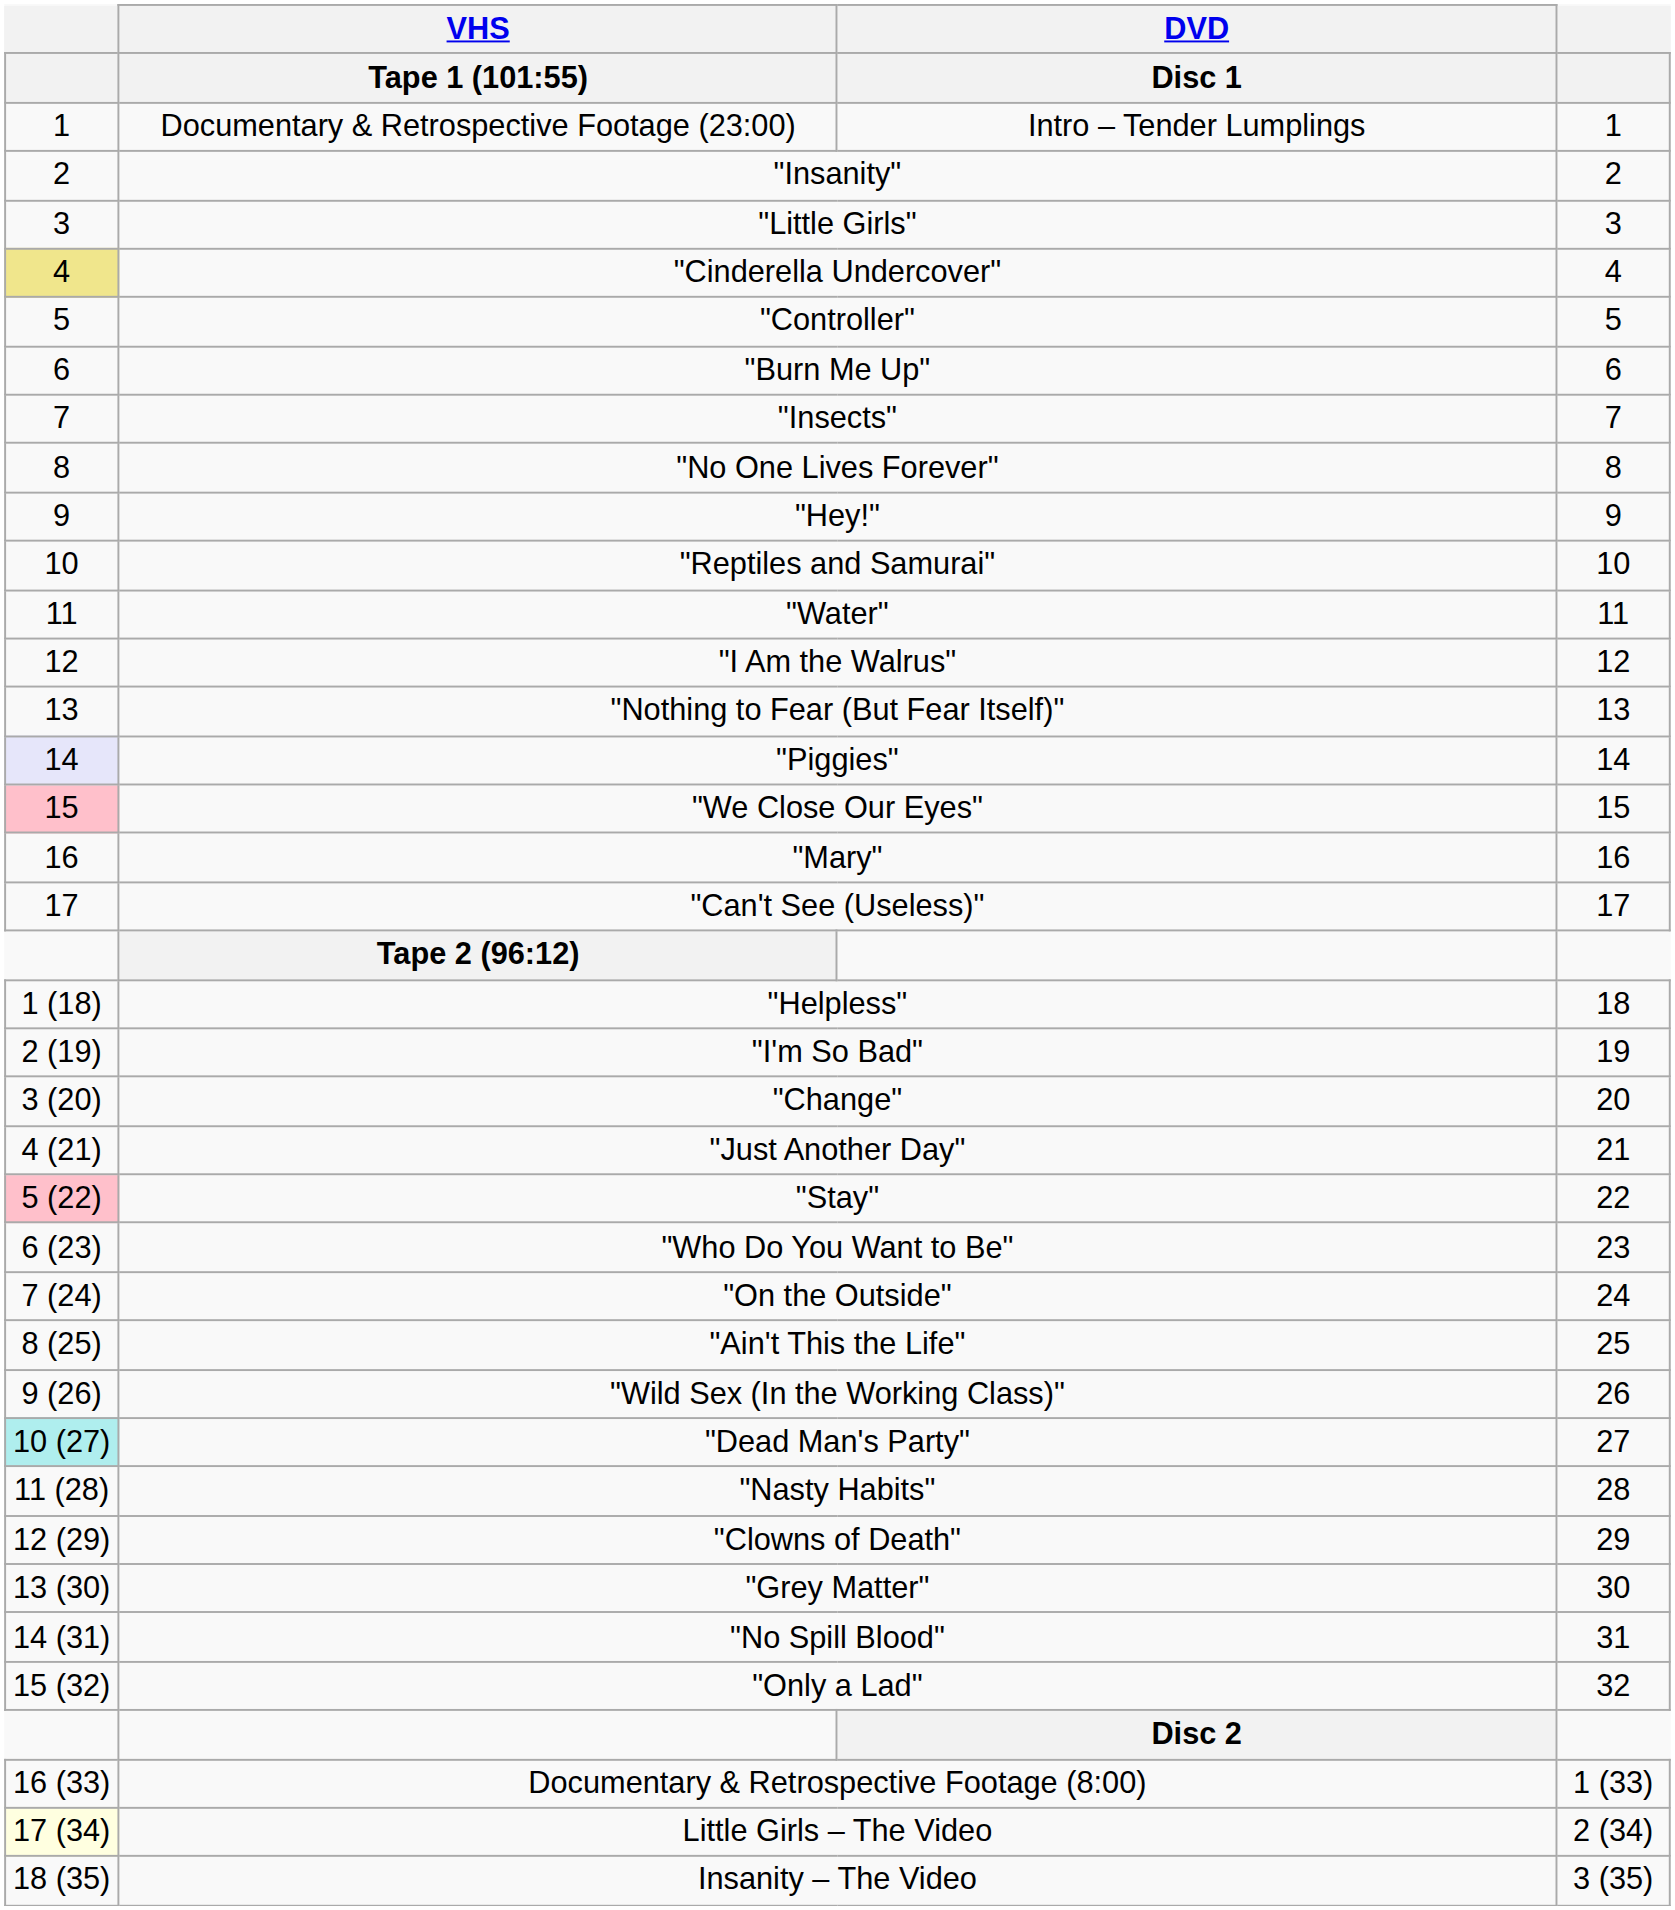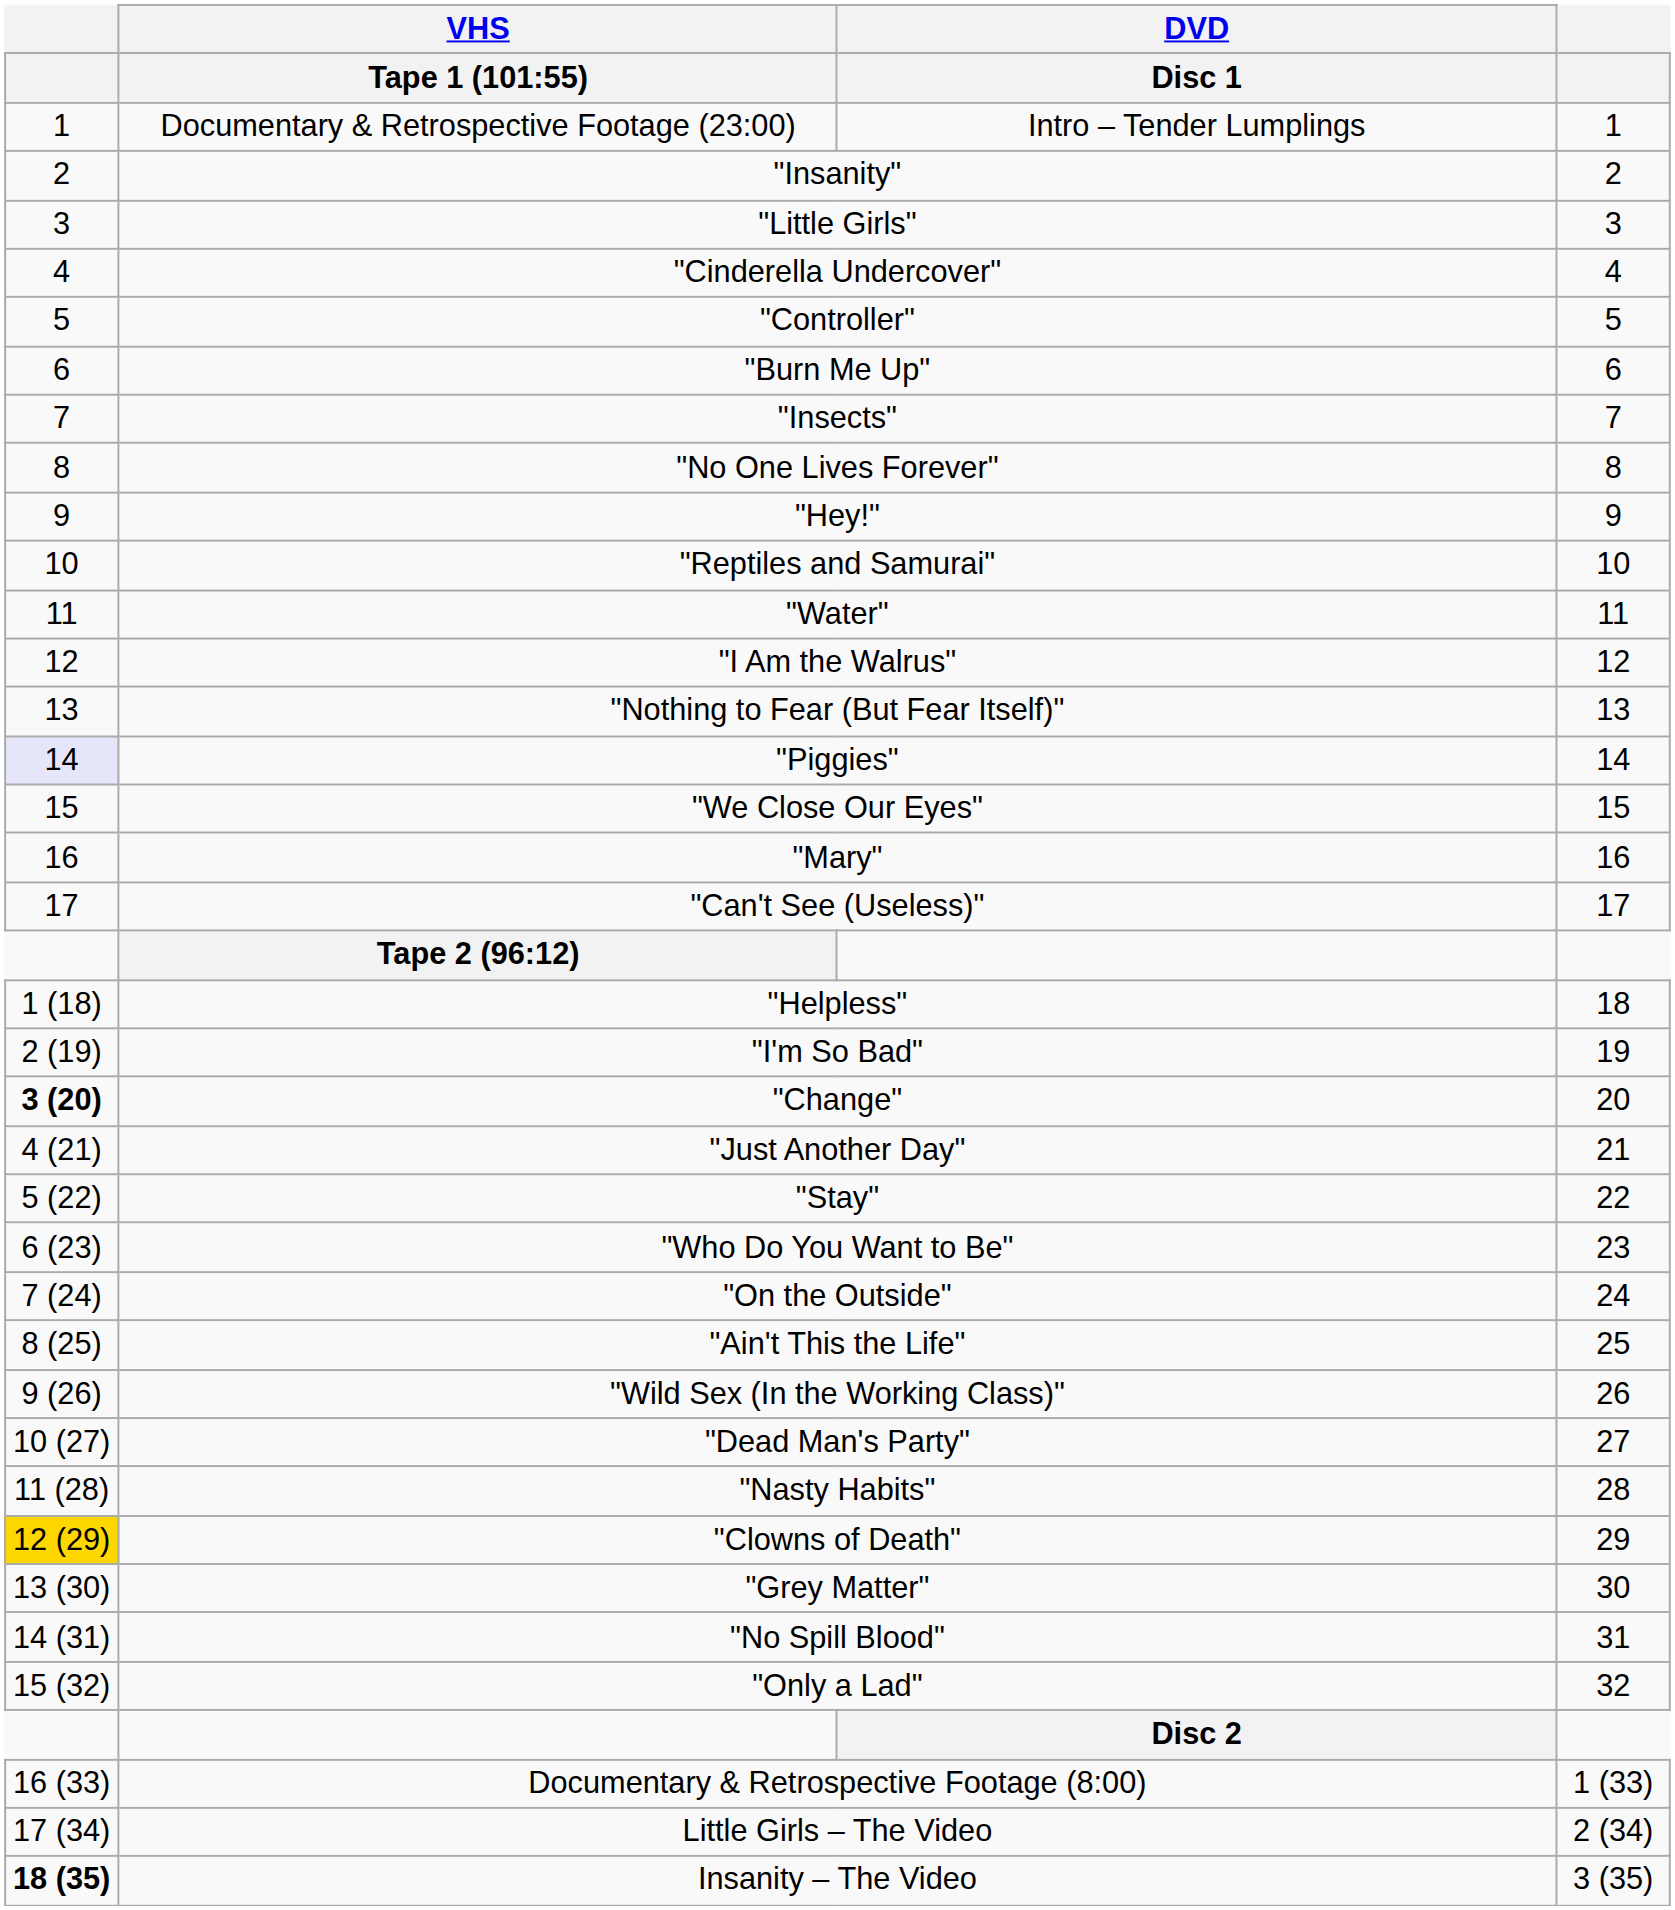 <table class="wikitable mw-collapsible mw-collapsed" style="border:none; margin:0 auto; table-layout:fixed; text-align:center; width:54.3em;">
 <tr>
 <th style="border:none; width:3.3em;"></th>
 <th><a href='#'>VHS</a></th>
 <th><a href='#'>DVD</a></th>
 <th style="border:none; width:3.3em;"></th>
 </tr>
 <tr>
 <th></th>
 <th>Tape 1 (101:55)</th>
 <th>Disc 1</th>
 <th></th>
 </tr>
 <tr>
 <td>1</td>
 <td>Documentary & Retrospective Footage (23:00)</td>
 <td>Intro – Tender Lumplings</td>
 <td>1</td>
 </tr>
 <tr>
 <td>2</td>
 <td colspan="2">"Insanity"</td>
 <td>2</td>
 </tr>
 <tr>
 <td>3</td>
 <td colspan="2">"Little Girls"</td>
 <td>3</td>
 </tr>
 <tr>
-<td style="background: khaki;">4</td>
+<td>4</td>
 <td colspan="2">"Cinderella Undercover"</td>
 <td>4</td>
 </tr>
 <tr>
 <td>5</td>
 <td colspan="2">"Controller"</td>
 <td>5</td>
 </tr>
 <tr>
 <td>6</td>
 <td colspan="2">"Burn Me Up"</td>
 <td>6</td>
 </tr>
 <tr>
 <td>7</td>
 <td colspan="2">"Insects"</td>
 <td>7</td>
 </tr>
 <tr>
 <td>8</td>
 <td colspan="2">"No One Lives Forever"</td>
 <td>8</td>
 </tr>
 <tr>
 <td>9</td>
 <td colspan="2">"Hey!"</td>
 <td>9</td>
 </tr>
 <tr>
 <td>10</td>
 <td colspan="2">"Reptiles and Samurai"</td>
 <td>10</td>
 </tr>
 <tr>
 <td>11</td>
 <td colspan="2">"Water"</td>
 <td>11</td>
 </tr>
 <tr>
 <td>12</td>
 <td colspan="2">"I Am the Walrus"</td>
 <td>12</td>
 </tr>
 <tr>
 <td>13</td>
 <td colspan="2">"Nothing to Fear (But Fear Itself)"</td>
 <td>13</td>
 </tr>
 <tr>
 <td style="background: lavender;">14</td>
 <td colspan="2">"Piggies"</td>
 <td>14</td>
 </tr>
 <tr>
-<td style="background: pink;">15</td>
+<td>15</td>
 <td colspan="2">"We Close Our Eyes"</td>
 <td>15</td>
 </tr>
 <tr>
 <td>16</td>
 <td colspan="2">"Mary"</td>
 <td>16</td>
 </tr>
 <tr>
 <td>17</td>
 <td colspan="2">"Can't See (Useless)"</td>
 <td>17</td>
 </tr>
 <tr>
 <td style="border:none;"></td>
 <th>Tape 2 (96:12)</th>
 <td></td>
 <td style="border:none;"></td>
 </tr>
 <tr>
 <td>1 (18)</td>
 <td colspan="2">"Helpless"</td>
 <td>18</td>
 </tr>
 <tr>
 <td>2 (19)</td>
 <td colspan="2">"I'm So Bad"</td>
 <td>19</td>
 </tr>
 <tr>
-<td>3 (20)</td>
+<td><strong>3 (20)</strong></td>
 <td colspan="2">"Change"</td>
 <td>20</td>
 </tr>
 <tr>
 <td>4 (21)</td>
 <td colspan="2">"Just Another Day"</td>
 <td>21</td>
 </tr>
 <tr>
-<td style="background: pink;">5 (22)</td>
+<td>5 (22)</td>
 <td colspan="2">"Stay"</td>
 <td>22</td>
 </tr>
 <tr>
 <td>6 (23)</td>
 <td colspan="2">"Who Do You Want to Be"</td>
 <td>23</td>
 </tr>
 <tr>
 <td>7 (24)</td>
 <td colspan="2">"On the Outside"</td>
 <td>24</td>
 </tr>
 <tr>
 <td>8 (25)</td>
 <td colspan="2">"Ain't This the Life"</td>
 <td>25</td>
 </tr>
 <tr>
 <td>9 (26)</td>
 <td colspan="2">"Wild Sex (In the Working Class)"</td>
 <td>26</td>
 </tr>
 <tr>
-<td style="background: paleturquoise;">10 (27)</td>
+<td>10 (27)</td>
 <td colspan="2">"Dead Man's Party"</td>
 <td>27</td>
 </tr>
 <tr>
 <td>11 (28)</td>
 <td colspan="2">"Nasty Habits"</td>
 <td>28</td>
 </tr>
 <tr>
-<td>12 (29)</td>
+<td style="background: gold;">12 (29)</td>
 <td colspan="2">"Clowns of Death"</td>
 <td>29</td>
 </tr>
 <tr>
 <td>13 (30)</td>
 <td colspan="2">"Grey Matter"</td>
 <td>30</td>
 </tr>
 <tr>
 <td>14 (31)</td>
 <td colspan="2">"No Spill Blood"</td>
 <td>31</td>
 </tr>
 <tr>
 <td>15 (32)</td>
 <td colspan="2">"Only a Lad"</td>
 <td>32</td>
 </tr>
 <tr>
 <td style="border:none;"></td>
 <td></td>
 <th>Disc 2</th>
 <td style="border:none;"></td>
 </tr>
 <tr>
 <td>16 (33)</td>
 <td colspan="2">Documentary & Retrospective Footage (8:00)</td>
 <td>1 (33)</td>
 </tr>
 <tr>
-<td style="background: lightyellow;">17 (34)</td>
+<td>17 (34)</td>
 <td colspan="2">Little Girls – The Video</td>
 <td>2 (34)</td>
 </tr>
 <tr>
-<td>18 (35)</td>
+<td><strong>18 (35)</strong></td>
 <td colspan="2">Insanity – The Video</td>
 <td>3 (35)</td>
 </tr>
 </table>
